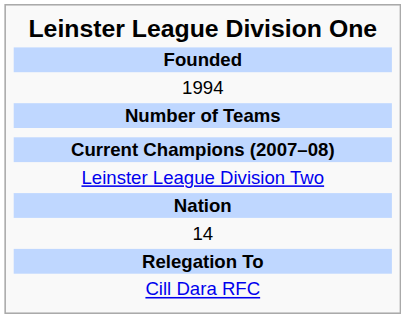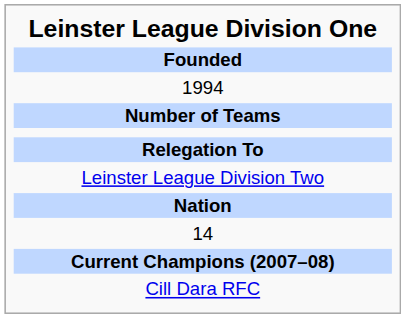 <table class="infobox rugby" style="width: 16em; text-align: center;">
 <tr>
 <th style="font-size: 16px;">Leinster League Division One</th>
 </tr>
 <tr>
 <td style="font-size: 12px; background: #BFD7FF;"><strong>Founded</strong></td>
 </tr>
 <tr>
 <td style="font-size: 12px;">1994</td>
 </tr>
 <tr>
 <td style="font-size: 12px; background: #BFD7FF;"><strong>Number of Teams</strong></td>
 </tr>
 <tr>
 <td style="font-size: 12px;"></td>
 </tr>
 <tr>
-<td style="font-size: 12px; background: #BFD7FF;"><strong>Current Champions (2007–08)</strong></td>
+<td style="font-size: 12px; background: #BFD7FF;"><strong>Relegation To</strong></td>
 </tr>
 <tr>
 <td style="font-size: 12px;"><a href='#'>Leinster League Division Two</a></td>
 </tr>
 <tr>
 <td style="font-size: 12px; background: #BFD7FF;"><strong>Nation</strong></td>
 </tr>
 <tr>
 <td style="font-size: 12px;">14</td>
 </tr>
 <tr>
-<td style="font-size: 12px; background: #BFD7FF;"><strong>Relegation To</strong></td>
+<td style="font-size: 12px; background: #BFD7FF;"><strong>Current Champions (2007–08)</strong></td>
 </tr>
 <tr>
 <td style="font-size: 12px;"><a href='#'>Cill Dara RFC</a></td>
 </tr>
 <tr>
 </tr>
 </table>
